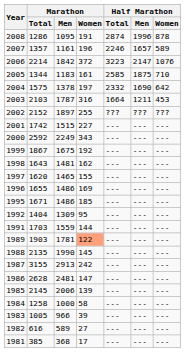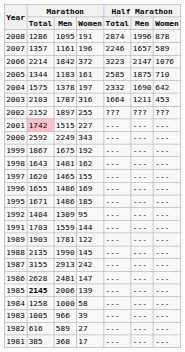 <table class="wikitable">
 <tr>
 <th rowspan="2">Year</th>
 <th colspan="3">Marathon</th>
 <th colspan="3">Half Marathon</th>
 </tr>
 <tr>
 <th>Total</th>
 <th>Men</th>
 <th>Women</th>
 <th>Total</th>
 <th>Men</th>
 <th>Women</th>
 </tr>
 <tr>
 <td>2008</td>
 <td>1286</td>
 <td>1095</td>
 <td>191</td>
 <td>2874</td>
 <td>1996</td>
 <td>878</td>
 </tr>
 <tr>
 <td>2007</td>
 <td>1357</td>
 <td>1161</td>
 <td>196</td>
 <td>2246</td>
 <td>1657</td>
 <td>589</td>
 </tr>
 <tr>
 <td>2006</td>
 <td>2214</td>
 <td>1842</td>
 <td>372</td>
 <td>3223</td>
 <td>2147</td>
 <td>1076</td>
 </tr>
 <tr>
 <td>2005</td>
 <td>1344</td>
 <td>1183</td>
 <td>161</td>
 <td>2585</td>
 <td>1875</td>
 <td>710</td>
 </tr>
 <tr>
 <td>2004</td>
 <td>1575</td>
 <td>1378</td>
 <td>197</td>
 <td>2332</td>
 <td>1690</td>
 <td>642</td>
 </tr>
 <tr>
 <td>2003</td>
 <td>2103</td>
 <td>1787</td>
 <td>316</td>
 <td>1664</td>
 <td>1211</td>
 <td>453</td>
 </tr>
 <tr>
 <td>2002</td>
 <td>2152</td>
 <td>1897</td>
 <td>255</td>
 <td>???</td>
 <td>???</td>
 <td>???</td>
 </tr>
 <tr>
 <td>2001</td>
-<td>1742</td>
+<td style="background: pink;">1742</td>
 <td>1515</td>
 <td>227</td>
 <td>---</td>
 <td>---</td>
 <td>---</td>
 </tr>
 <tr>
 <td>2000</td>
 <td>2592</td>
 <td>2249</td>
 <td>343</td>
 <td>---</td>
 <td>---</td>
 <td>---</td>
 </tr>
 <tr>
 <td>1999</td>
 <td>1867</td>
 <td>1675</td>
 <td>192</td>
 <td>---</td>
 <td>---</td>
 <td>---</td>
 </tr>
 <tr>
 <td>1998</td>
 <td>1643</td>
 <td>1481</td>
 <td>162</td>
 <td>---</td>
 <td>---</td>
 <td>---</td>
 </tr>
 <tr>
 <td>1997</td>
 <td>1620</td>
 <td>1465</td>
 <td>155</td>
 <td>---</td>
 <td>---</td>
 <td>---</td>
 </tr>
 <tr>
 <td>1996</td>
 <td>1655</td>
 <td>1486</td>
 <td>169</td>
 <td>---</td>
 <td>---</td>
 <td>---</td>
 </tr>
 <tr>
 <td>1995</td>
 <td>1671</td>
 <td>1486</td>
 <td>185</td>
 <td>---</td>
 <td>---</td>
 <td>---</td>
 </tr>
 <tr>
 <td>1992</td>
 <td>1404</td>
 <td>1309</td>
 <td>95</td>
 <td>---</td>
 <td>---</td>
 <td>---</td>
 </tr>
 <tr>
 <td>1991</td>
 <td>1703</td>
 <td>1559</td>
 <td>144</td>
 <td>---</td>
 <td>---</td>
 <td>---</td>
 </tr>
 <tr>
 <td>1989</td>
 <td>1903</td>
 <td>1781</td>
-<td style="background: lightsalmon;">122</td>
+<td>122</td>
 <td>---</td>
 <td>---</td>
 <td>---</td>
 </tr>
 <tr>
 <td>1988</td>
 <td>2135</td>
 <td>1990</td>
 <td>145</td>
 <td>---</td>
 <td>---</td>
 <td>---</td>
 </tr>
 <tr>
 <td>1987</td>
 <td>3155</td>
 <td>2913</td>
 <td>242</td>
 <td>---</td>
 <td>---</td>
 <td>---</td>
 </tr>
 <tr>
 <td>1986</td>
 <td>2628</td>
 <td>2481</td>
 <td>147</td>
 <td>---</td>
 <td>---</td>
 <td>---</td>
 </tr>
 <tr>
 <td>1985</td>
-<td>2145</td>
+<td><strong>2145</strong></td>
 <td>2006</td>
 <td>139</td>
 <td>---</td>
 <td>---</td>
 <td>---</td>
 </tr>
 <tr>
 <td>1984</td>
 <td>1258</td>
 <td>1000</td>
 <td>58</td>
 <td>---</td>
 <td>---</td>
 <td>---</td>
 </tr>
 <tr>
 <td>1983</td>
 <td>1005</td>
 <td>966</td>
 <td>39</td>
 <td>---</td>
 <td>---</td>
 <td>---</td>
 </tr>
 <tr>
 <td>1982</td>
 <td>616</td>
 <td>589</td>
 <td>27</td>
 <td>---</td>
 <td>---</td>
 <td>---</td>
 </tr>
 <tr>
 <td>1981</td>
 <td>385</td>
 <td>368</td>
 <td>17</td>
 <td>---</td>
 <td>---</td>
 <td>---</td>
 </tr>
 </table>
